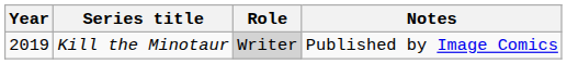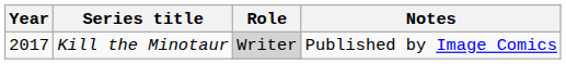 <table class="wikitable sortable" style="border:none; margin:0;">
 <tr valign="bottom">
 <th scope="col">Year</th>
 <th scope="col">Series title</th>
 <th scope="col">Role</th>
 <th scope="col">Notes</th>
 </tr>
 <tr>
-<td>2019</td>
+<td>2017</td>
 <td><em>Kill the Minotaur</em></td>
 <td style="background: lightgrey;">Writer</td>
 <td>Published by <a href='#'>Image Comics</a></td>
 </tr>
 </table>
